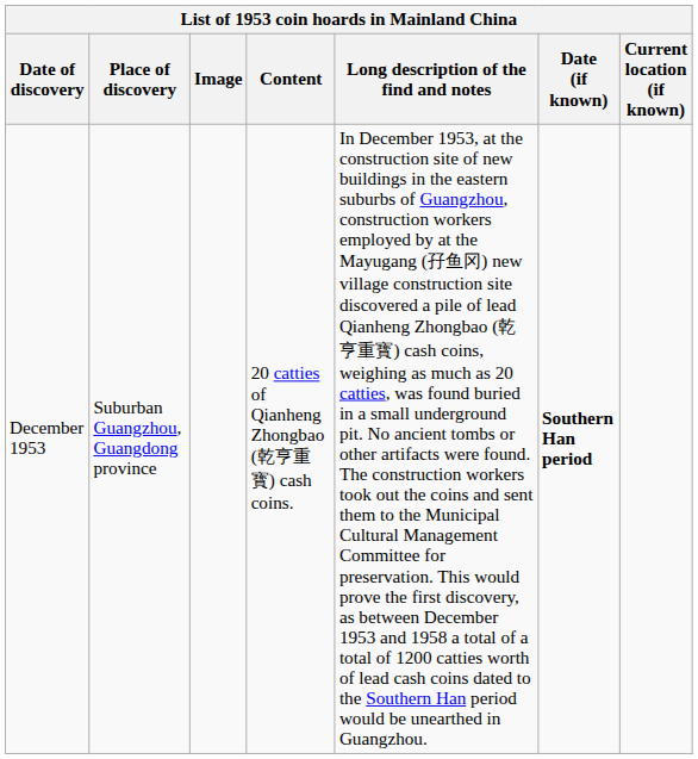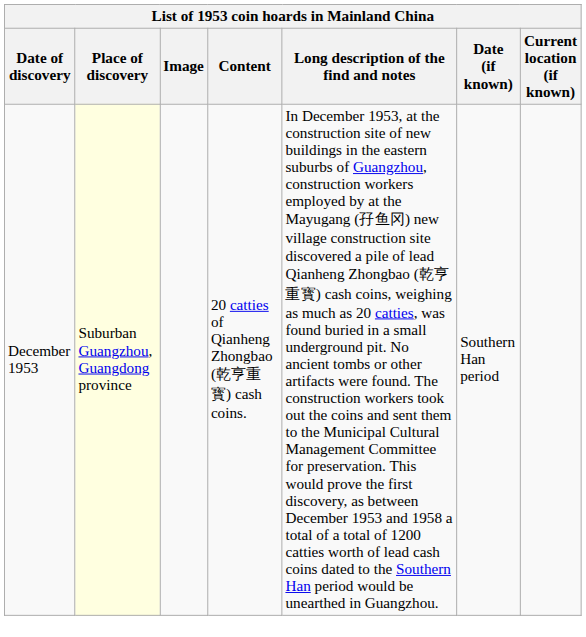 <table class="wikitable" style="font-size: 100%">
 <tr>
 <th colspan=7>List of 1953 coin hoards in Mainland China</th>
 </tr>
 <tr>
 <th>Date of discovery</th>
 <th>Place of discovery</th>
 <th>Image</th>
 <th>Content</th>
 <th>Long description of the find and notes</th>
 <th>Date<br>(if known)</th>
 <th>Current location<br>(if known)</th>
 </tr>
 <tr>
 <td>December 1953</td>
-<td>Suburban <a href='#'>Guangzhou</a>, <a href='#'>Guangdong</a> province</td>
+<td style="background: lightyellow;">Suburban <a href='#'>Guangzhou</a>, <a href='#'>Guangdong</a> province</td>
 <td></td>
 <td>20 <a href='#'>catties</a> of Qianheng Zhongbao (乾亨重寳) cash coins.</td>
 <td>In December 1953, at the construction site of new buildings in the eastern suburbs of <a href='#'>Guangzhou</a>, construction workers employed by at the Mayugang (孖鱼冈) new village construction site discovered a pile of lead Qianheng Zhongbao (乾亨重寳) cash coins, weighing as much as 20 <a href='#'>catties</a>, was found buried in a small underground pit. No ancient tombs or other artifacts were found. The construction workers took out the coins and sent them to the Municipal Cultural Management Committee for preservation. This would prove the first discovery, as between December 1953 and 1958 a total of a total of 1200 catties worth of lead cash coins dated to the <a href='#'>Southern Han</a> period would be unearthed in Guangzhou.</td>
-<td><strong>Southern Han period</strong></td>
+<td>Southern Han period</td>
 <td></td>
 </tr>
 </table>
